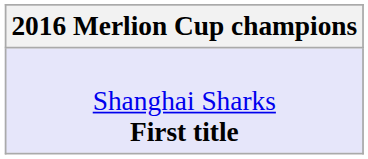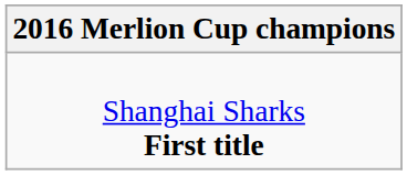 <table class="wikitable" style="text-align: center; margin: 0 auto;">
 <tr>
 <th>2016 Merlion Cup champions</th>
 </tr>
 <tr>
-<td style="background: lavender;"> <br> <a href='#'>Shanghai Sharks</a><br><strong>First title</strong></td>
+<td> <br> <a href='#'>Shanghai Sharks</a><br><strong>First title</strong></td>
 </tr>
 </table>
